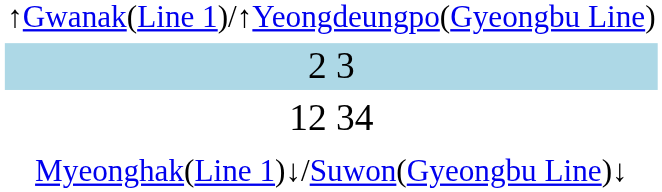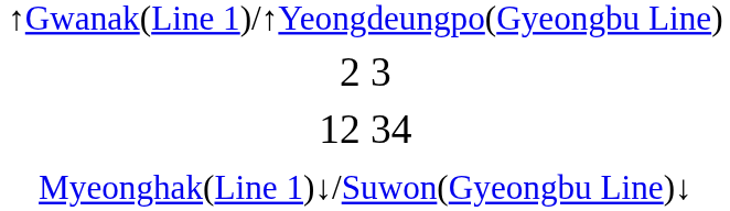 <table style="margin-left:1.5em; text-align: center;">
 <tr>
 <td><small>↑<a href='#'>Gwanak</a>(<a href='#'>Line 1</a>)/↑<a href='#'>Yeongdeungpo</a>(<a href='#'>Gyeongbu Line</a>)</small></td>
 </tr>
 <tr>
-<td style="background: lightblue;">    <span></span><span>2</span>   <span>3</span><span></span>   </td>
+<td>    <span></span><span>2</span>   <span>3</span><span></span>   </td>
 </tr>
 <tr>
 <td>    <span>12</span>   <span>34</span>   </td>
 </tr>
 <tr>
 <td><small><a href='#'>Myeonghak</a>(<a href='#'>Line 1</a>)↓/<a href='#'>Suwon</a>(<a href='#'>Gyeongbu Line</a>)↓</small></td>
 </tr>
 </table>
